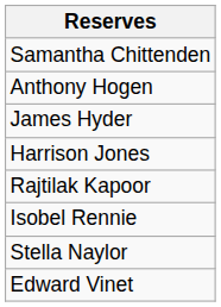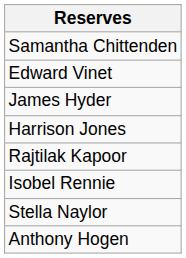 <table class="wikitable mw-collapsible mw-collapsed">
 <tr>
 <th>Reserves</th>
 </tr>
 <tr>
 <td>Samantha Chittenden</td>
 </tr>
 <tr>
-<td>Anthony Hogen</td>
+<td>Edward Vinet</td>
 </tr>
 <tr>
 <td>James Hyder</td>
 </tr>
 <tr>
 <td>Harrison Jones</td>
 </tr>
 <tr>
 <td>Rajtilak Kapoor</td>
 </tr>
 <tr>
 <td>Isobel Rennie</td>
 </tr>
 <tr>
 <td>Stella Naylor</td>
 </tr>
 <tr>
-<td>Edward Vinet</td>
+<td>Anthony Hogen</td>
 </tr>
 </table>
